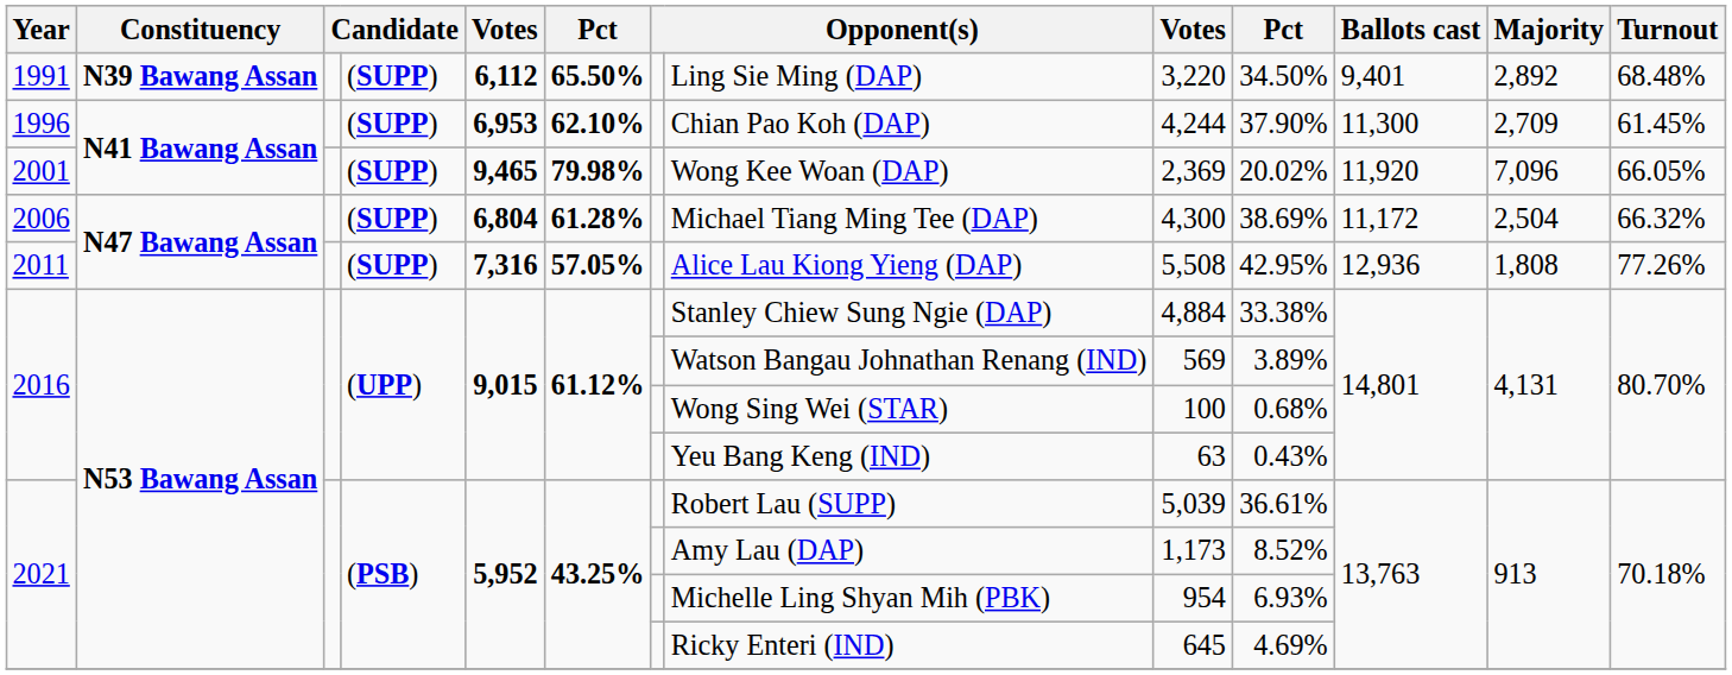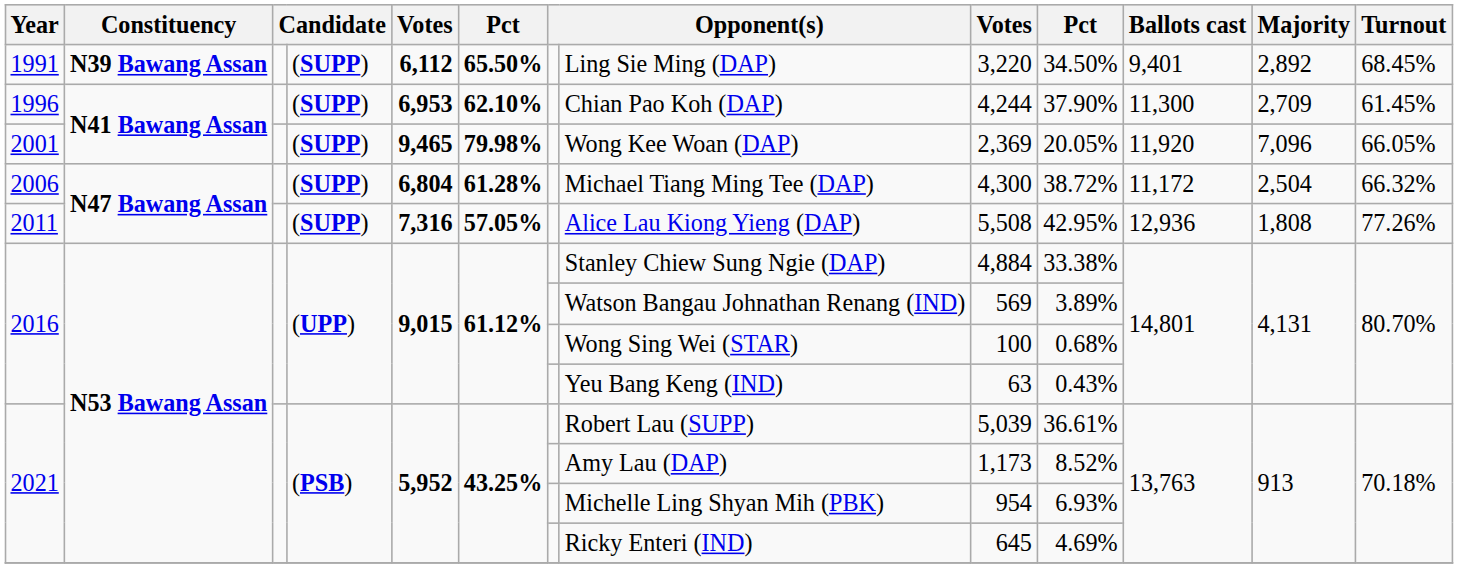 <table class="wikitable" style="margin:0.5em ; font-size:95%">
 <tr>
 <th>Year</th>
 <th>Constituency</th>
 <th colspan=2>Candidate</th>
 <th>Votes</th>
 <th>Pct</th>
 <th colspan=2>Opponent(s)</th>
 <th>Votes</th>
 <th>Pct</th>
 <th>Ballots cast</th>
 <th>Majority</th>
 <th>Turnout</th>
 </tr>
 <tr>
 <td><a href='#'>1991</a></td>
 <td><strong>N39 <a href='#'>Bawang Assan</a></strong></td>
 <td></td>
 <td> (<a href='#'><strong>SUPP</strong></a>)</td>
 <td style="text-align:right;"><strong>6,112</strong></td>
 <td><strong>65.50%</strong></td>
 <td></td>
 <td>Ling Sie Ming (<a href='#'>DAP</a>)</td>
 <td style="text-align:right;">3,220</td>
 <td>34.50%</td>
 <td>9,401</td>
 <td>2,892</td>
-<td>68.48%</td>
+<td>68.45%</td>
 </tr>
 <tr>
 <td><a href='#'>1996</a></td>
 <td rowspan=2><strong>N41 <a href='#'>Bawang Assan</a></strong></td>
 <td></td>
 <td> (<a href='#'><strong>SUPP</strong></a>)</td>
 <td style="text-align:right;"><strong>6,953</strong></td>
 <td><strong>62.10%</strong></td>
 <td></td>
 <td>Chian Pao Koh (<a href='#'>DAP</a>)</td>
 <td style="text-align:right;">4,244</td>
 <td>37.90%</td>
 <td>11,300</td>
 <td>2,709</td>
 <td>61.45%</td>
 </tr>
 <tr>
 <td><a href='#'>2001</a></td>
 <td></td>
 <td> (<a href='#'><strong>SUPP</strong></a>)</td>
 <td style="text-align:right;"><strong>9,465</strong></td>
 <td><strong>79.98%</strong></td>
 <td></td>
 <td>Wong Kee Woan (<a href='#'>DAP</a>)</td>
 <td style="text-align:right;">2,369</td>
-<td>20.02%</td>
+<td>20.05%</td>
 <td>11,920</td>
 <td>7,096</td>
 <td>66.05%</td>
 </tr>
 <tr>
 <td><a href='#'>2006</a></td>
 <td rowspan=2><strong>N47 <a href='#'>Bawang Assan</a></strong></td>
 <td></td>
 <td> (<a href='#'><strong>SUPP</strong></a>)</td>
 <td style="text-align:right;"><strong>6,804</strong></td>
 <td><strong>61.28%</strong></td>
 <td></td>
 <td>Michael Tiang Ming Tee (<a href='#'>DAP</a>)</td>
 <td style="text-align:right;">4,300</td>
-<td>38.69%</td>
+<td>38.72%</td>
 <td>11,172</td>
 <td>2,504</td>
 <td>66.32%</td>
 </tr>
 <tr>
 <td><a href='#'>2011</a></td>
 <td></td>
 <td> (<a href='#'><strong>SUPP</strong></a>)</td>
 <td style="text-align:right;"><strong>7,316</strong></td>
 <td><strong>57.05%</strong></td>
 <td></td>
 <td><a href='#'>Alice Lau Kiong Yieng</a> (<a href='#'>DAP</a>)</td>
 <td style="text-align:right;">5,508</td>
 <td>42.95%</td>
 <td>12,936</td>
 <td>1,808</td>
 <td>77.26%</td>
 </tr>
 <tr>
 <td rowspan="4"><a href='#'>2016</a></td>
 <td rowspan=8><strong>N53 <a href='#'>Bawang Assan</a></strong></td>
 <td rowspan="4" ></td>
 <td rowspan="4"> (<a href='#'><strong>UPP</strong></a>)</td>
 <td rowspan="4" style="text-align:right;"><strong>9,015</strong></td>
 <td rowspan="4"><strong>61.12%</strong></td>
 <td></td>
 <td>Stanley Chiew Sung Ngie (<a href='#'>DAP</a>)</td>
 <td style="text-align:right;">4,884</td>
 <td>33.38%</td>
 <td rowspan="4">14,801</td>
 <td rowspan="4">4,131</td>
 <td rowspan="4">80.70%</td>
 </tr>
 <tr>
 <td></td>
 <td>Watson Bangau Johnathan Renang (<a href='#'>IND</a>)</td>
 <td style="text-align:right;">569</td>
 <td style="text-align:right;">3.89%</td>
 </tr>
 <tr>
 <td></td>
 <td>Wong Sing Wei (<a href='#'>STAR</a>)</td>
 <td style="text-align:right;">100</td>
 <td style="text-align:right;">0.68%</td>
 </tr>
 <tr>
 <td></td>
 <td>Yeu Bang Keng (<a href='#'>IND</a>)</td>
 <td style="text-align:right;">63</td>
 <td style="text-align:right;">0.43%</td>
 </tr>
 <tr>
 <td rowspan="4"><a href='#'>2021</a></td>
 <td rowspan="4" style="background-color:"></td>
 <td rowspan="4"> (<a href='#'><strong>PSB</strong></a>)</td>
 <td rowspan="4" style="text-align:right;"><strong>5,952</strong></td>
 <td rowspan="4"><strong>43.25%</strong></td>
 <td style="background:"></td>
 <td>Robert Lau (<a href='#'>SUPP</a>)</td>
 <td style="text-align:right;">5,039</td>
 <td>36.61%</td>
 <td rowspan="4">13,763</td>
 <td rowspan="4">913</td>
 <td rowspan="4">70.18%</td>
 </tr>
 <tr>
 <td></td>
 <td>Amy Lau (<a href='#'>DAP</a>)</td>
 <td style="text-align:right;">1,173</td>
 <td style="text-align:right;">8.52%</td>
 </tr>
 <tr>
 <td style="background:"></td>
 <td>Michelle Ling Shyan Mih (<a href='#'>PBK</a>)</td>
 <td style="text-align:right;">954</td>
 <td style="text-align:right;">6.93%</td>
 </tr>
 <tr>
 <td></td>
 <td>Ricky Enteri (<a href='#'>IND</a>)</td>
 <td style="text-align:right;">645</td>
 <td style="text-align:right;">4.69%</td>
 </tr>
 <tr>
 </tr>
 </table>
